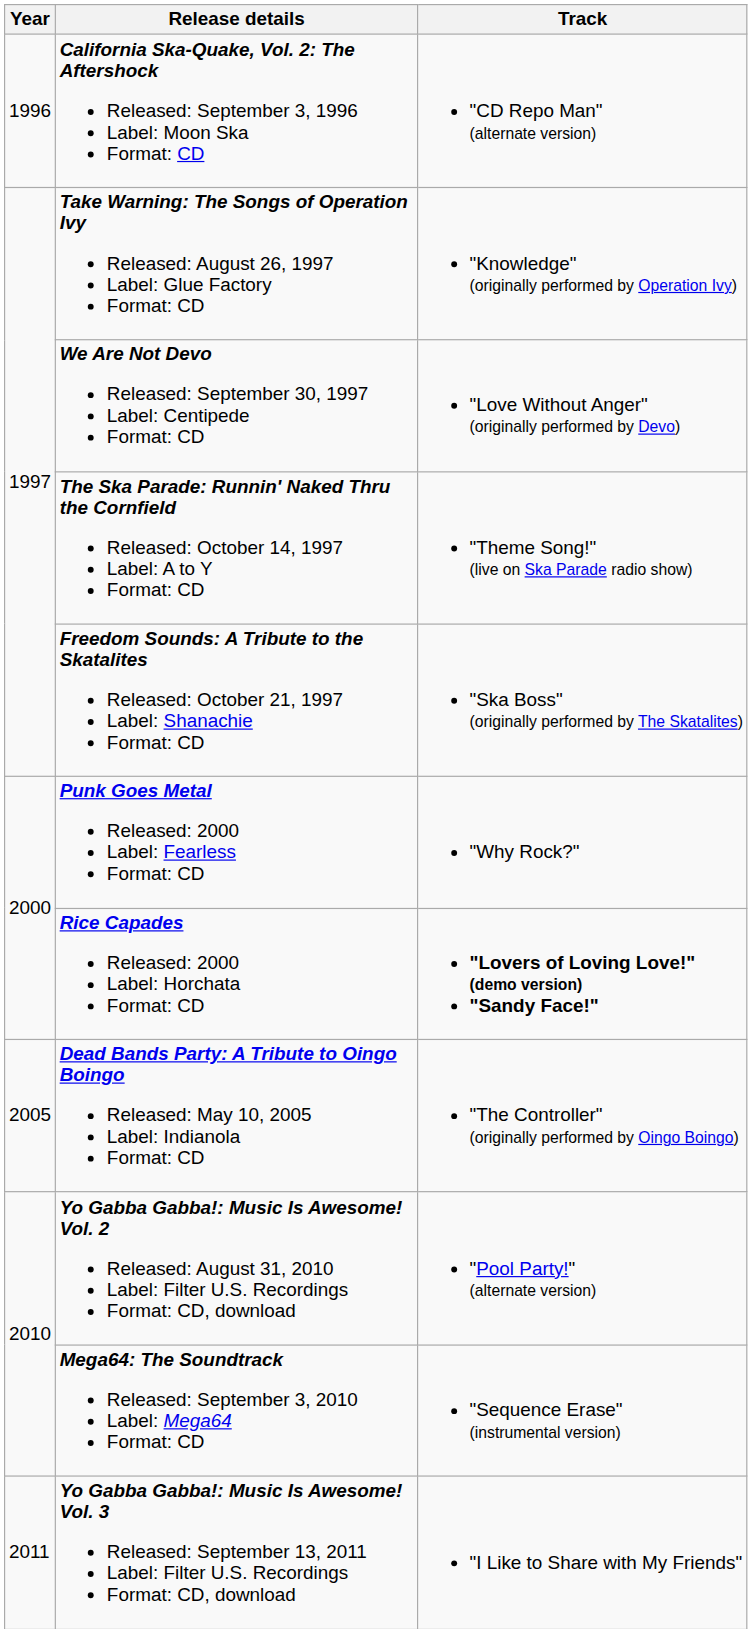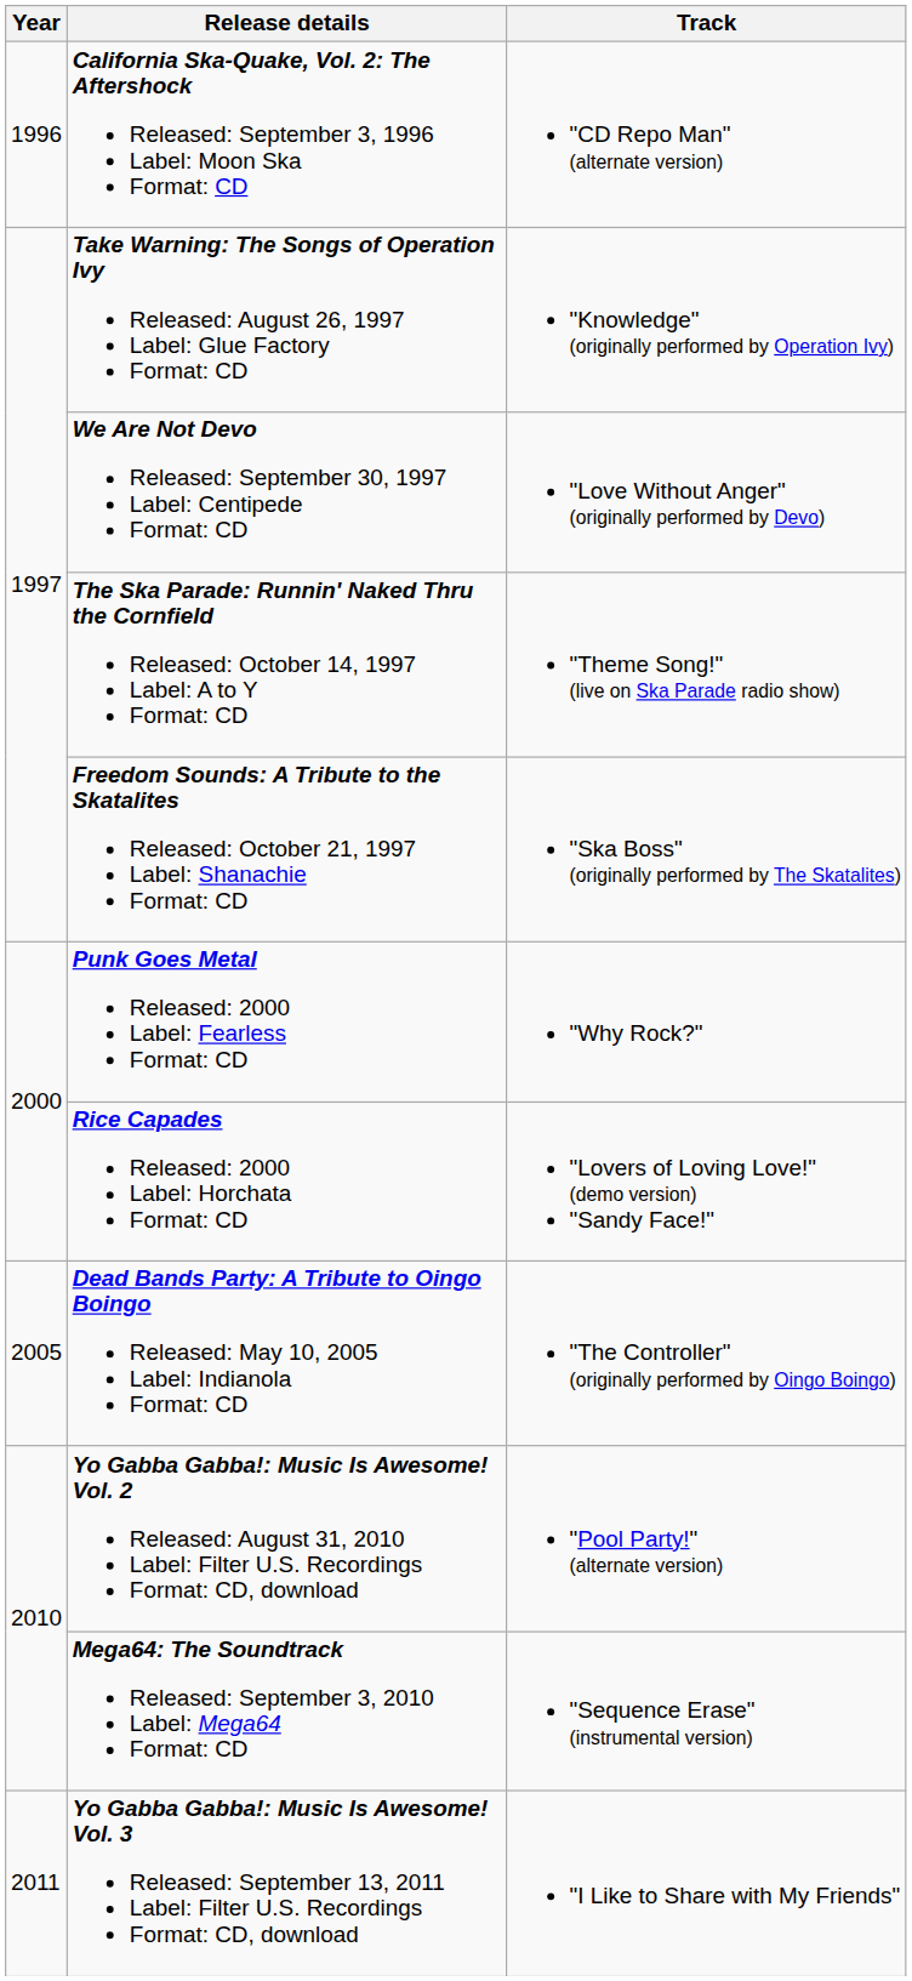 <table class="wikitable">
 <tr>
 <th>Year</th>
 <th width="300">Release details</th>
 <th>Track</th>
 </tr>
 <tr>
 <td>1996</td>
 <td><strong><em>California Ska-Quake, Vol. 2: The Aftershock</em></strong><br><ul><li>Released: September 3, 1996</li><li>Label: Moon Ska</li><li>Format: <a href='#'>CD</a></li></ul></td>
 <td><br><ul><li>"CD Repo Man"<br><small>(alternate version)</small></li></ul></td>
 </tr>
 <tr>
 <td rowspan="4">1997</td>
 <td><strong><em>Take Warning: The Songs of Operation Ivy</em></strong><br><ul><li>Released: August 26, 1997</li><li>Label: Glue Factory</li><li>Format: CD</li></ul></td>
 <td><br><ul><li>"Knowledge"<br><small>(originally performed by <a href='#'>Operation Ivy</a>)</small></li></ul></td>
 </tr>
 <tr>
 <td><strong><em>We Are Not Devo</em></strong><br><ul><li>Released: September 30, 1997</li><li>Label: Centipede</li><li>Format: CD</li></ul></td>
 <td><br><ul><li>"Love Without Anger"<br><small>(originally performed by <a href='#'>Devo</a>)</small></li></ul></td>
 </tr>
 <tr>
 <td><strong><em>The Ska Parade: Runnin' Naked Thru the Cornfield</em></strong><br><ul><li>Released: October 14, 1997</li><li>Label: A to Y</li><li>Format: CD</li></ul></td>
 <td><br><ul><li>"Theme Song!"<br><small>(live on <a href='#'>Ska Parade</a> radio show)</small></li></ul></td>
 </tr>
 <tr>
 <td><strong><em>Freedom Sounds: A Tribute to the Skatalites</em></strong><br><ul><li>Released: October 21, 1997</li><li>Label: <a href='#'>Shanachie</a></li><li>Format: CD</li></ul></td>
 <td><br><ul><li>"Ska Boss"<br><small>(originally performed by <a href='#'>The Skatalites</a>)</small></li></ul></td>
 </tr>
 <tr>
 <td rowspan="2">2000</td>
 <td><strong><em><a href='#'>Punk Goes Metal</a></em></strong><br><ul><li>Released: 2000</li><li>Label: <a href='#'>Fearless</a></li><li>Format: CD</li></ul></td>
 <td><br><ul><li>"Why Rock?"</li></ul></td>
 </tr>
 <tr>
 <td><strong><em><a href='#'>Rice Capades</a></em></strong><br><ul><li>Released: 2000</li><li>Label: Horchata</li><li>Format: CD</li></ul></td>
-<td><strong><br><ul><li>"Lovers of Loving Love!" <br><small>(demo version)</small></li><li>"Sandy Face!"</li></ul></strong></td>
+<td><br><ul><li>"Lovers of Loving Love!" <br><small>(demo version)</small></li><li>"Sandy Face!"</li></ul></td>
 </tr>
 <tr>
 <td>2005</td>
 <td><strong><em><a href='#'>Dead Bands Party: A Tribute to Oingo Boingo</a></em></strong><br><ul><li>Released: May 10, 2005</li><li>Label: Indianola</li><li>Format: CD</li></ul></td>
 <td><br><ul><li>"The Controller"<br><small>(originally performed by <a href='#'>Oingo Boingo</a>)</small></li></ul></td>
 </tr>
 <tr>
 <td rowspan="2">2010</td>
 <td><strong><em>Yo Gabba Gabba!: Music Is Awesome! Vol. 2</em></strong><br><ul><li>Released: August 31, 2010</li><li>Label: Filter U.S. Recordings</li><li>Format: CD, download</li></ul></td>
 <td><br><ul><li>"<a href='#'>Pool Party!</a>"<br><small>(alternate version)</small></li></ul></td>
 </tr>
 <tr>
 <td><strong><em>Mega64: The Soundtrack</em></strong><br><ul><li>Released: September 3, 2010</li><li>Label: <em><a href='#'>Mega64</a></em></li><li>Format: CD</li></ul></td>
 <td><br><ul><li>"Sequence Erase"<br><small>(instrumental version)</small></li></ul></td>
 </tr>
 <tr>
 <td>2011</td>
 <td><strong><em>Yo Gabba Gabba!: Music Is Awesome! Vol. 3</em></strong><br><ul><li>Released: September 13, 2011</li><li>Label: Filter U.S. Recordings</li><li>Format: CD, download</li></ul></td>
 <td><br><ul><li>"I Like to Share with My Friends"</li></ul></td>
 </tr>
 </table>
